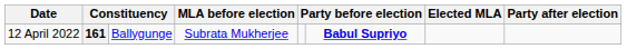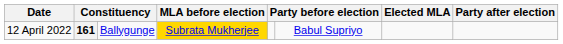 <table class="wikitable sortable" style="text-align:center;">
 <tr>
 <th>Date</th>
 <th colspan="2">Constituency</th>
 <th>MLA before election</th>
 <th colspan="2">Party before election</th>
 <th>Elected MLA</th>
 <th colspan="2">Party after election</th>
 </tr>
 <tr>
 <td>12 April 2022</td>
 <th>161</th>
 <td><a href='#'>Ballygunge</a></td>
-<td><a href='#'>Subrata Mukherjee</a></td>
+<td style="background: gold;"><a href='#'>Subrata Mukherjee</a></td>
 <td></td>
-<td><strong><a href='#'>Babul Supriyo</a></strong></td>
+<td><a href='#'>Babul Supriyo</a></td>
 <td></td>
 </tr>
 </table>
